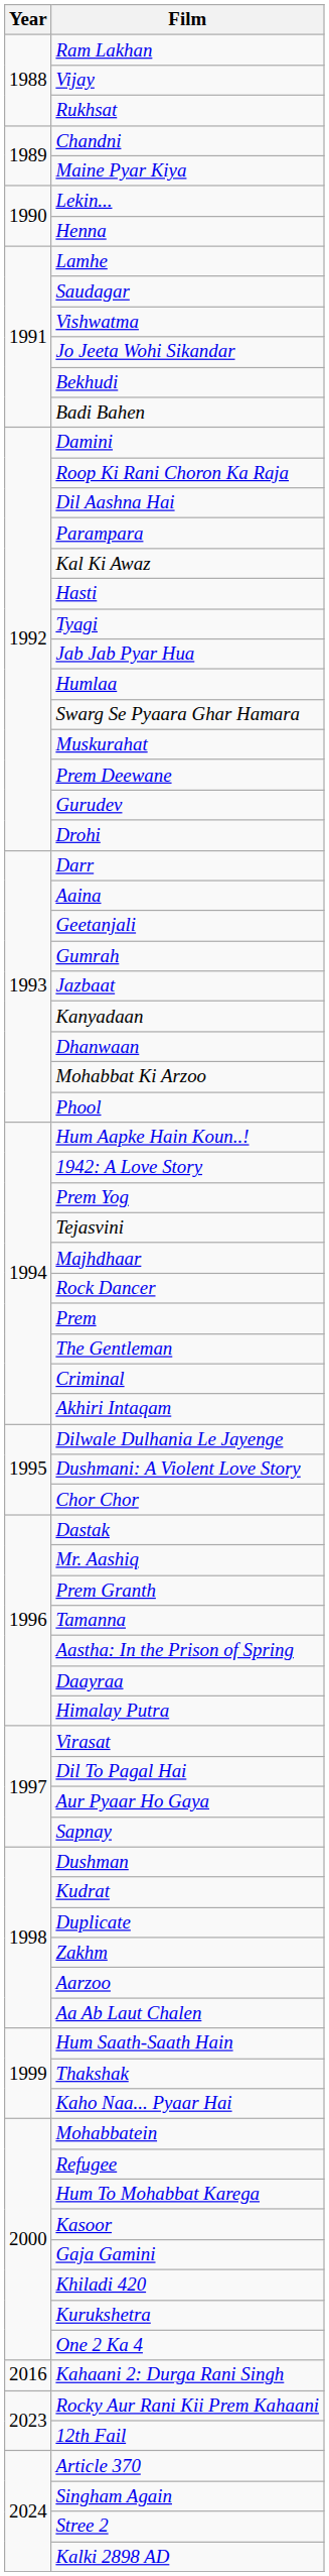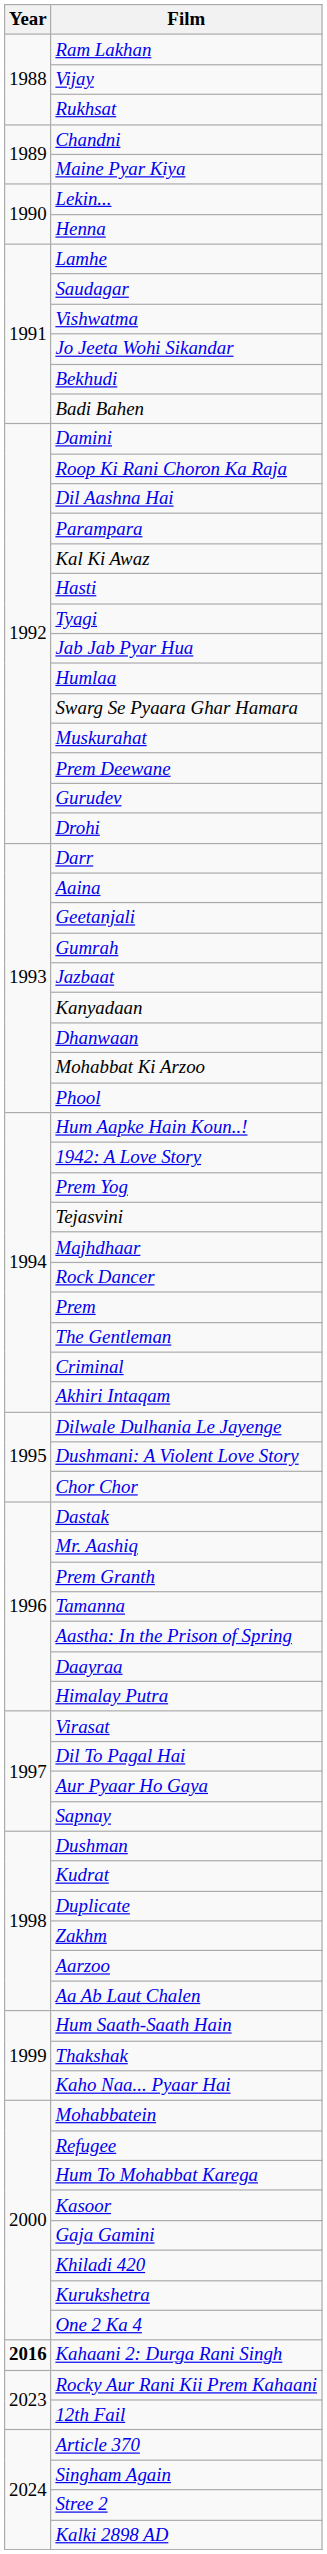 <table class="wikitable sortable">
 <tr>
 <th>Year</th>
 <th>Film</th>
 </tr>
 <tr>
 <td rowspan="3">1988</td>
 <td><em><a href='#'>Ram Lakhan</a></em></td>
 </tr>
 <tr>
 <td><em><a href='#'>Vijay</a></em></td>
 </tr>
 <tr>
 <td><em><a href='#'>Rukhsat</a></em></td>
 </tr>
 <tr>
 <td rowspan="2">1989</td>
 <td><em><a href='#'>Chandni</a></em></td>
 </tr>
 <tr>
 <td><em><a href='#'>Maine Pyar Kiya</a></em></td>
 </tr>
 <tr>
 <td rowspan="2">1990</td>
 <td><em><a href='#'>Lekin...</a></em></td>
 </tr>
 <tr>
 <td><em><a href='#'>Henna</a></em></td>
 </tr>
 <tr>
 <td rowspan="6">1991</td>
 <td><em><a href='#'>Lamhe</a></em></td>
 </tr>
 <tr>
 <td><em><a href='#'>Saudagar</a></em></td>
 </tr>
 <tr>
 <td><em><a href='#'>Vishwatma</a></em></td>
 </tr>
 <tr>
 <td><em><a href='#'>Jo Jeeta Wohi Sikandar</a></em></td>
 </tr>
 <tr>
 <td><em><a href='#'>Bekhudi</a></em></td>
 </tr>
 <tr>
 <td><em>Badi Bahen</em></td>
 </tr>
 <tr>
 <td rowspan="14">1992</td>
 <td><em><a href='#'>Damini</a></em></td>
 </tr>
 <tr>
 <td><em><a href='#'>Roop Ki Rani Choron Ka Raja</a></em></td>
 </tr>
 <tr>
 <td><em><a href='#'>Dil Aashna Hai</a></em></td>
 </tr>
 <tr>
 <td><em><a href='#'>Parampara</a></em></td>
 </tr>
 <tr>
 <td><em>Kal Ki Awaz</em></td>
 </tr>
 <tr>
 <td><em><a href='#'>Hasti</a></em></td>
 </tr>
 <tr>
 <td><em><a href='#'>Tyagi</a></em></td>
 </tr>
 <tr>
 <td><em><a href='#'>Jab Jab Pyar Hua</a></em></td>
 </tr>
 <tr>
 <td><em><a href='#'>Humlaa</a></em></td>
 </tr>
 <tr>
 <td><em>Swarg Se Pyaara Ghar Hamara</em></td>
 </tr>
 <tr>
 <td><em><a href='#'>Muskurahat</a></em></td>
 </tr>
 <tr>
 <td><em><a href='#'>Prem Deewane</a></em></td>
 </tr>
 <tr>
 <td><em><a href='#'>Gurudev</a></em></td>
 </tr>
 <tr>
 <td><em><a href='#'>Drohi</a></em></td>
 </tr>
 <tr>
 <td rowspan="9">1993</td>
 <td><em><a href='#'>Darr</a></em></td>
 </tr>
 <tr>
 <td><em><a href='#'>Aaina</a></em></td>
 </tr>
 <tr>
 <td><em><a href='#'>Geetanjali</a></em></td>
 </tr>
 <tr>
 <td><em><a href='#'>Gumrah</a></em></td>
 </tr>
 <tr>
 <td><em><a href='#'>Jazbaat</a></em></td>
 </tr>
 <tr>
 <td><em>Kanyadaan</em></td>
 </tr>
 <tr>
 <td><em><a href='#'>Dhanwaan</a></em></td>
 </tr>
 <tr>
 <td><em>Mohabbat Ki Arzoo</em></td>
 </tr>
 <tr>
 <td><em><a href='#'>Phool</a></em></td>
 </tr>
 <tr>
 <td rowspan="10">1994</td>
 <td><em><a href='#'>Hum Aapke Hain Koun..!</a></em></td>
 </tr>
 <tr>
 <td><em><a href='#'>1942: A Love Story</a></em></td>
 </tr>
 <tr>
 <td><em><a href='#'>Prem Yog</a></em></td>
 </tr>
 <tr>
 <td><em>Tejasvini</em></td>
 </tr>
 <tr>
 <td><em><a href='#'>Majhdhaar</a></em></td>
 </tr>
 <tr>
 <td><em><a href='#'>Rock Dancer</a></em></td>
 </tr>
 <tr>
 <td><em><a href='#'>Prem</a></em></td>
 </tr>
 <tr>
 <td><em><a href='#'>The Gentleman</a></em></td>
 </tr>
 <tr>
 <td><em><a href='#'>Criminal</a></em></td>
 </tr>
 <tr>
 <td><em><a href='#'>Akhiri Intaqam</a></em></td>
 </tr>
 <tr>
 <td rowspan="3">1995</td>
 <td><em><a href='#'>Dilwale Dulhania Le Jayenge</a></em></td>
 </tr>
 <tr>
 <td><em><a href='#'>Dushmani: A Violent Love Story</a></em></td>
 </tr>
 <tr>
 <td><em><a href='#'>Chor Chor</a></em></td>
 </tr>
 <tr>
 <td rowspan="7">1996</td>
 <td><em><a href='#'>Dastak</a></em></td>
 </tr>
 <tr>
 <td><em><a href='#'>Mr. Aashiq</a></em></td>
 </tr>
 <tr>
 <td><em><a href='#'>Prem Granth</a></em></td>
 </tr>
 <tr>
 <td><em><a href='#'>Tamanna</a></em></td>
 </tr>
 <tr>
 <td><em><a href='#'>Aastha: In the Prison of Spring</a></em></td>
 </tr>
 <tr>
 <td><em><a href='#'>Daayraa</a></em></td>
 </tr>
 <tr>
 <td><em><a href='#'>Himalay Putra</a></em></td>
 </tr>
 <tr>
 <td rowspan="4">1997</td>
 <td><em><a href='#'>Virasat</a></em></td>
 </tr>
 <tr>
 <td><em><a href='#'>Dil To Pagal Hai</a></em></td>
 </tr>
 <tr>
 <td><em><a href='#'>Aur Pyaar Ho Gaya</a></em></td>
 </tr>
 <tr>
 <td><em><a href='#'>Sapnay</a></em></td>
 </tr>
 <tr>
 <td rowspan="6">1998</td>
 <td><em><a href='#'>Dushman</a></em></td>
 </tr>
 <tr>
 <td><em><a href='#'>Kudrat</a></em></td>
 </tr>
 <tr>
 <td><em><a href='#'>Duplicate</a></em></td>
 </tr>
 <tr>
 <td><em><a href='#'>Zakhm</a></em></td>
 </tr>
 <tr>
 <td><em><a href='#'>Aarzoo</a></em></td>
 </tr>
 <tr>
 <td><em><a href='#'>Aa Ab Laut Chalen</a></em></td>
 </tr>
 <tr>
 <td rowspan="3">1999</td>
 <td><em><a href='#'>Hum Saath-Saath Hain</a></em></td>
 </tr>
 <tr>
 <td><em><a href='#'>Thakshak</a></em></td>
 </tr>
 <tr>
 <td><em><a href='#'>Kaho Naa... Pyaar Hai</a></em></td>
 </tr>
 <tr>
 <td rowspan="8">2000</td>
 <td><em><a href='#'>Mohabbatein</a></em></td>
 </tr>
 <tr>
 <td><em><a href='#'>Refugee</a></em></td>
 </tr>
 <tr>
 <td><em><a href='#'>Hum To Mohabbat Karega</a></em></td>
 </tr>
 <tr>
 <td><em><a href='#'>Kasoor</a></em></td>
 </tr>
 <tr>
 <td><em><a href='#'>Gaja Gamini</a></em></td>
 </tr>
 <tr>
 <td><em><a href='#'>Khiladi 420</a></em></td>
 </tr>
 <tr>
 <td><em><a href='#'>Kurukshetra</a></em></td>
 </tr>
 <tr>
 <td><em><a href='#'>One 2 Ka 4</a></em></td>
 </tr>
 <tr>
-<td rowspan="1">2016</td>
+<td rowspan="1"><strong>2016</strong></td>
 <td><em><a href='#'>Kahaani 2: Durga Rani Singh</a></em></td>
 </tr>
 <tr>
 <td rowspan="2">2023</td>
 <td><em><a href='#'>Rocky Aur Rani Kii Prem Kahaani</a></em></td>
 </tr>
 <tr>
 <td><em><a href='#'>12th Fail</a></em></td>
 </tr>
 <tr>
 <td rowspan="4">2024</td>
 <td><em><a href='#'>Article 370</a></em></td>
 </tr>
 <tr>
 <td><em><a href='#'>Singham Again</a></em></td>
 </tr>
 <tr>
 <td><em><a href='#'>Stree 2</a></em></td>
 </tr>
 <tr>
 <td><em><a href='#'>Kalki 2898 AD</a></em></td>
 </tr>
 <tr>
 </tr>
 </table>
